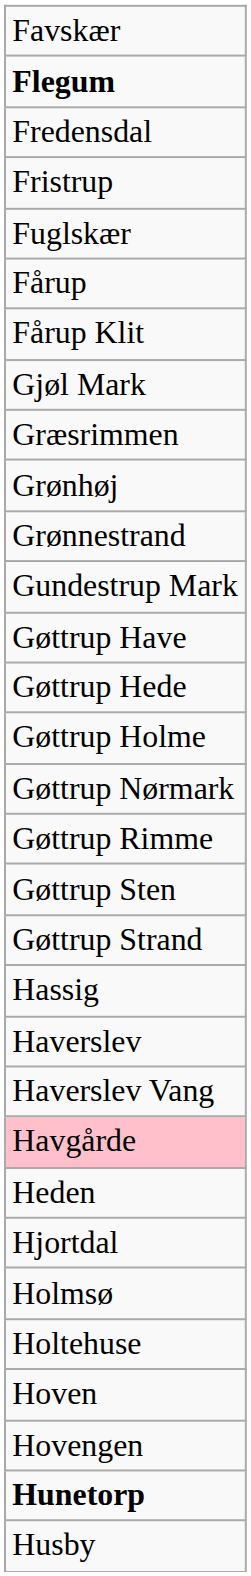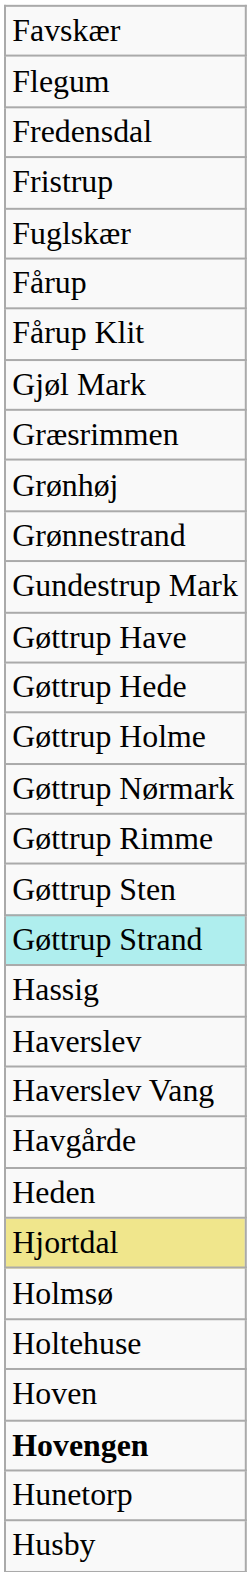 <table class="wikitable" style="float:left; margin-right:1em">
 <tr>
 <td>Favskær</td>
 </tr>
 <tr>
-<td><strong>Flegum</strong></td>
+<td>Flegum</td>
 </tr>
 <tr>
 <td>Fredensdal</td>
 </tr>
 <tr>
 <td>Fristrup</td>
 </tr>
 <tr>
 <td>Fuglskær</td>
 </tr>
 <tr>
 <td>Fårup</td>
 </tr>
 <tr>
 <td>Fårup Klit</td>
 </tr>
 <tr>
 <td>Gjøl Mark</td>
 </tr>
 <tr>
 <td>Græsrimmen</td>
 </tr>
 <tr>
 <td>Grønhøj</td>
 </tr>
 <tr>
 <td>Grønnestrand</td>
 </tr>
 <tr>
 <td>Gundestrup Mark</td>
 </tr>
 <tr>
 <td>Gøttrup Have</td>
 </tr>
 <tr>
 <td>Gøttrup Hede</td>
 </tr>
 <tr>
 <td>Gøttrup Holme</td>
 </tr>
 <tr>
 <td>Gøttrup Nørmark</td>
 </tr>
 <tr>
 <td>Gøttrup Rimme</td>
 </tr>
 <tr>
 <td>Gøttrup Sten</td>
 </tr>
 <tr>
-<td>Gøttrup Strand</td>
+<td style="background: paleturquoise;">Gøttrup Strand</td>
 </tr>
 <tr>
 <td>Hassig</td>
 </tr>
 <tr>
 <td>Haverslev</td>
 </tr>
 <tr>
 <td>Haverslev Vang</td>
 </tr>
 <tr>
-<td style="background: pink;">Havgårde</td>
+<td>Havgårde</td>
 </tr>
 <tr>
 <td>Heden</td>
 </tr>
 <tr>
-<td>Hjortdal</td>
+<td style="background: khaki;">Hjortdal</td>
 </tr>
 <tr>
 <td>Holmsø</td>
 </tr>
 <tr>
 <td>Holtehuse</td>
 </tr>
 <tr>
 <td>Hoven</td>
 </tr>
 <tr>
-<td>Hovengen</td>
+<td><strong>Hovengen</strong></td>
 </tr>
 <tr>
-<td><strong>Hunetorp</strong></td>
+<td>Hunetorp</td>
 </tr>
 <tr>
 <td>Husby</td>
 </tr>
 </table>
